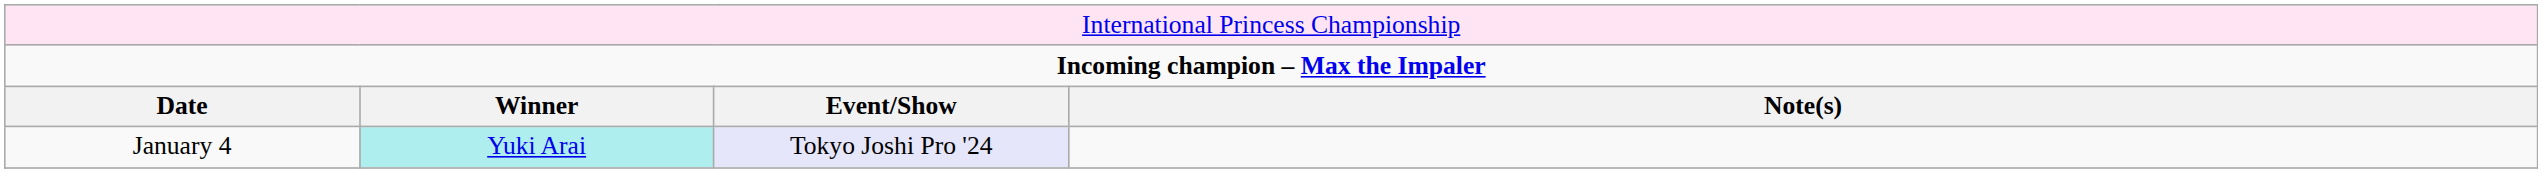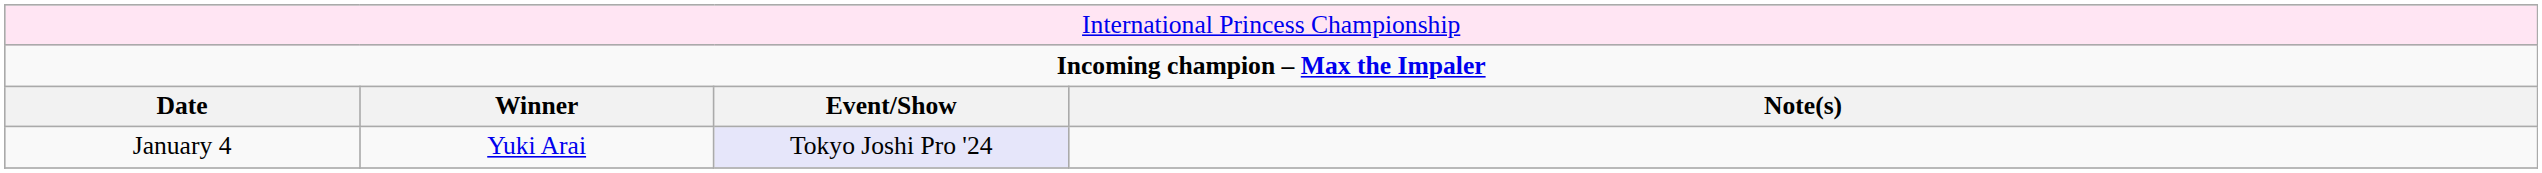 <table class="wikitable" style="text-align:center; width:100%;">
 <tr style="background:#ffe5f3;">
 <td colspan="4" style="text-align: center;"><a href='#'>International Princess Championship</a></td>
 </tr>
 <tr>
 <td colspan="4" style="text-align: center;"><strong>Incoming champion – <a href='#'>Max the Impaler</a></strong></td>
 </tr>
 <tr>
 <th width=14%>Date</th>
 <th width=14%>Winner</th>
 <th width=14%>Event/Show</th>
 <th width=58%>Note(s)</th>
 </tr>
 <tr>
 <td>January 4</td>
-<td style="background: paleturquoise;"><a href='#'>Yuki Arai</a></td>
+<td><a href='#'>Yuki Arai</a></td>
 <td style="background: lavender;">Tokyo Joshi Pro '24</td>
 <td></td>
 </tr>
 </table>
